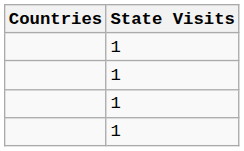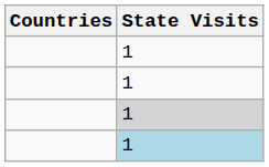 <table class="sortable wikitable">
 <tr>
 <th>Countries</th>
 <th>State Visits</th>
 </tr>
 <tr>
 <td></td>
 <td>1</td>
 </tr>
 <tr>
 <td></td>
 <td>1</td>
 </tr>
 <tr>
 <td></td>
-<td>1</td>
+<td style="background: lightgrey;">1</td>
 </tr>
 <tr>
 <td></td>
-<td>1</td>
+<td style="background: lightblue;">1</td>
 </tr>
 </table>
